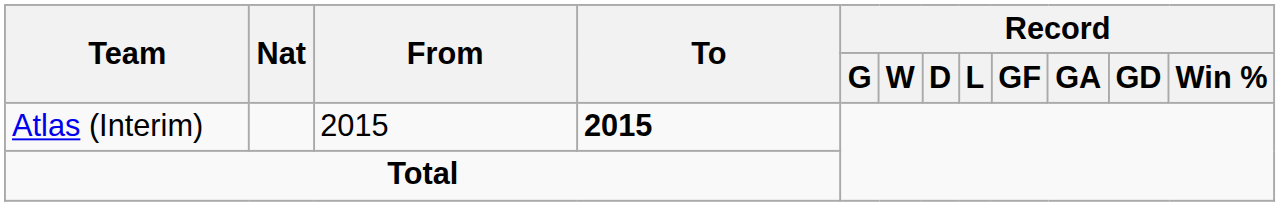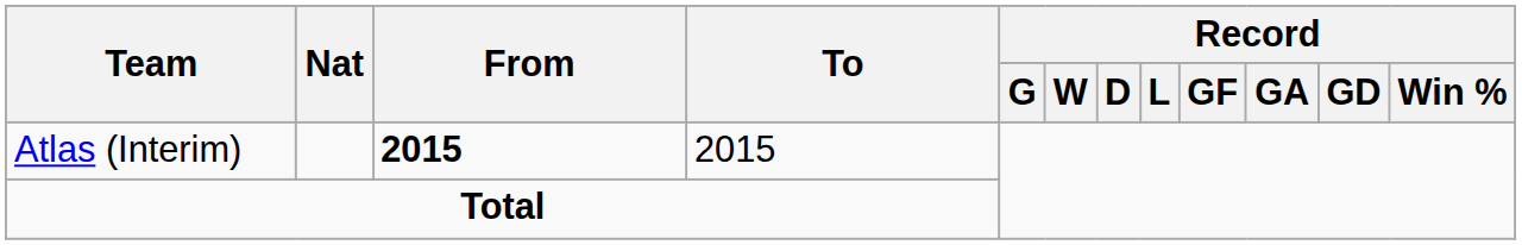 <table class="wikitable" style="text-align: center">
 <tr>
 <th rowspan="2" style="width:120px;">Team</th>
 <th rowspan="2" style="width:10px;">Nat</th>
 <th rowspan="2" style="width:130px;">From</th>
 <th rowspan="2" style="width:130px;">To</th>
 <th colspan="8">Record</th>
 </tr>
 <tr>
 <th>G</th>
 <th>W</th>
 <th>D</th>
 <th>L</th>
 <th>GF</th>
 <th>GA</th>
 <th>GD</th>
 <th>Win %</th>
 </tr>
 <tr>
 <td style="text-align:left;"><a href='#'>Atlas</a> (Interim)</td>
 <td></td>
-<td style="text-align:left;">2015</td>
-<td align="left"><strong>2015<br></strong></td>
+<td style="text-align:left;"><strong>2015</strong></td>
+<td align="left">2015<br></td>
 </tr>
 <tr>
 <td colspan="4"><strong>Total</strong><br></td>
 </tr>
 </table>
